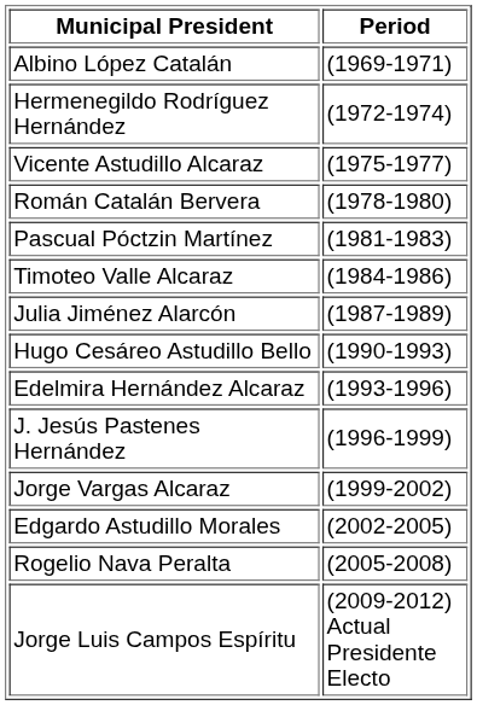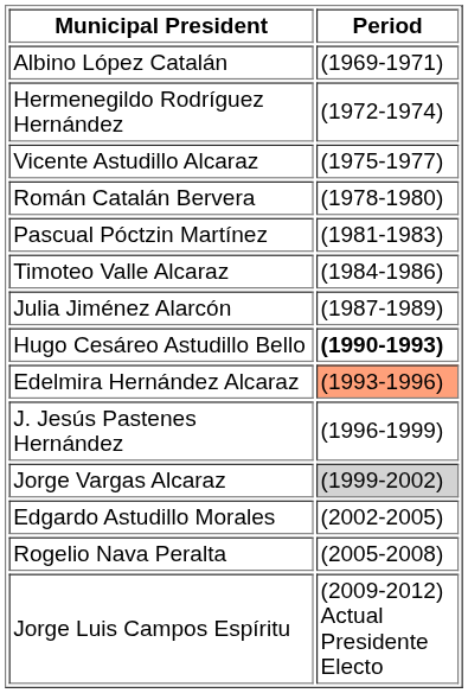 <table border="1" cellpadding="2">
 <tr>
 <th width="210">Municipal President</th>
 <th width="95">Period</th>
 </tr>
 <tr>
 <td>Albino López Catalán</td>
 <td>(1969-1971)</td>
 </tr>
 <tr>
 <td>Hermenegildo Rodríguez Hernández</td>
 <td>(1972-1974)</td>
 </tr>
 <tr>
 <td>Vicente Astudillo Alcaraz</td>
 <td>(1975-1977)</td>
 </tr>
 <tr>
 <td>Román Catalán Bervera</td>
 <td>(1978-1980)</td>
 </tr>
 <tr>
 <td>Pascual Póctzin Martínez</td>
 <td>(1981-1983)</td>
 </tr>
 <tr>
 <td>Timoteo Valle Alcaraz</td>
 <td>(1984-1986)</td>
 </tr>
 <tr>
 <td>Julia Jiménez Alarcón</td>
 <td>(1987-1989)</td>
 </tr>
 <tr>
 <td>Hugo Cesáreo Astudillo Bello</td>
-<td>(1990-1993)</td>
+<td><strong>(1990-1993)</strong></td>
 </tr>
 <tr>
 <td>Edelmira Hernández Alcaraz</td>
-<td>(1993-1996)</td>
+<td style="background: lightsalmon;">(1993-1996)</td>
 </tr>
 <tr>
 <td>J. Jesús Pastenes Hernández</td>
 <td>(1996-1999)</td>
 </tr>
 <tr>
 <td>Jorge Vargas Alcaraz</td>
-<td>(1999-2002)</td>
+<td style="background: lightgrey;">(1999-2002)</td>
 </tr>
 <tr>
 <td>Edgardo Astudillo Morales</td>
 <td>(2002-2005)</td>
 </tr>
 <tr>
 <td>Rogelio Nava Peralta</td>
 <td>(2005-2008)</td>
 </tr>
 <tr>
 <td>Jorge Luis Campos Espíritu</td>
 <td>(2009-2012) Actual Presidente Electo</td>
 </tr>
 </table>
